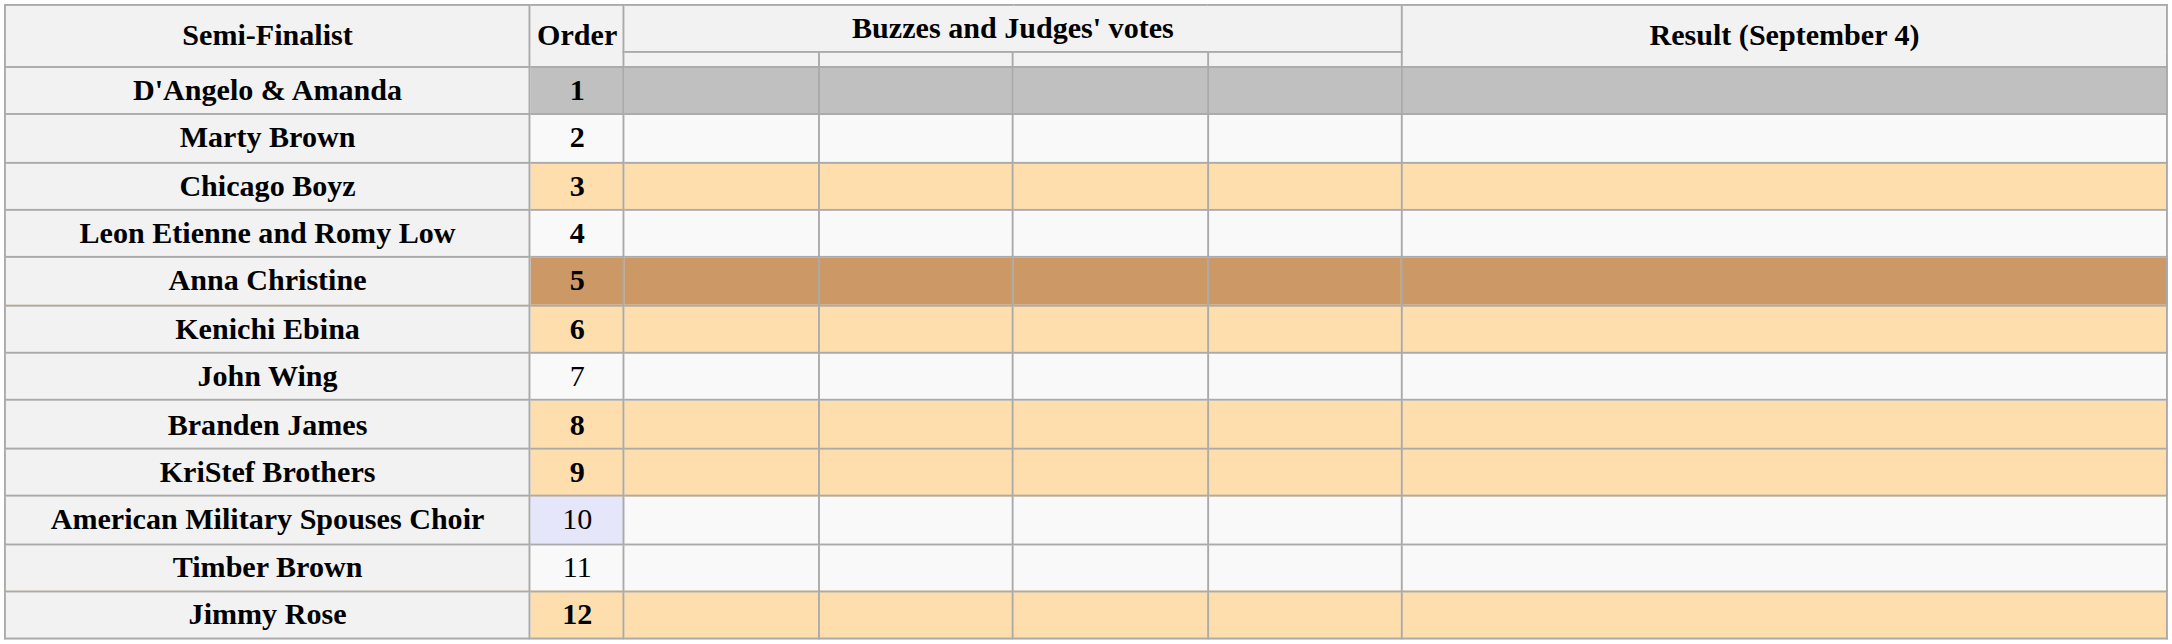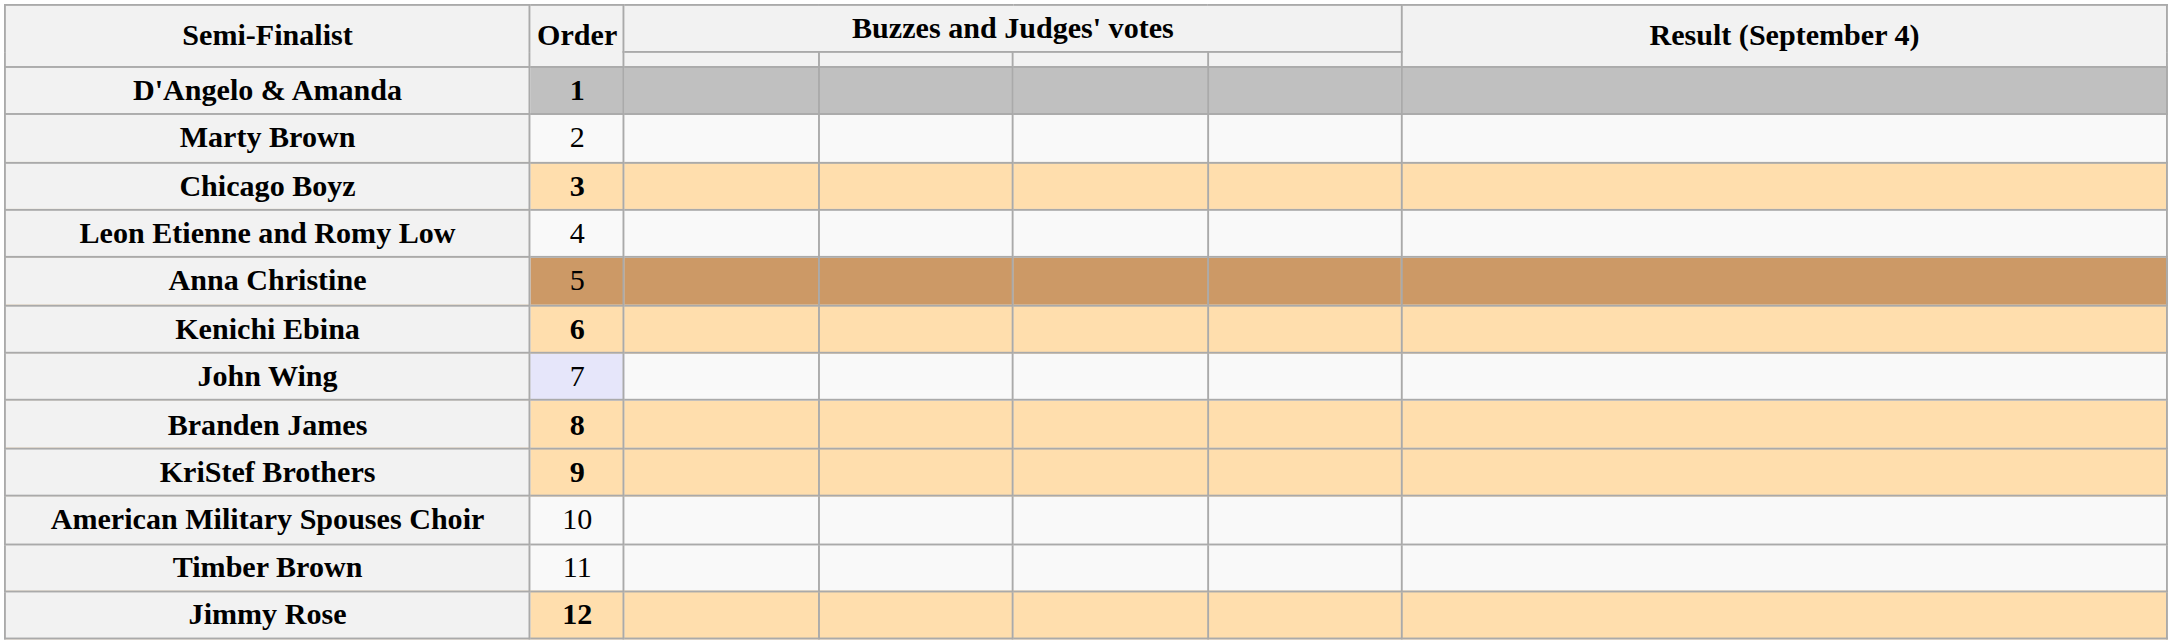 <table class="wikitable plainrowheaders sortable" style="text-align:center;">
 <tr>
 <th scope="col" rowspan="2" class="unsortable" style="width:17em;">Semi-Finalist</th>
 <th scope="col" rowspan="2" style="width:1em;">Order</th>
 <th scope="col" colspan="4" class="unsortable" style="width:24em;">Buzzes and Judges' votes</th>
 <th scope="col" rowspan="2" style="width:25em;">Result (September 4)</th>
 </tr>
 <tr>
 <th scope="col" class="unsortable" style="width:6em;"></th>
 <th scope="col" class="unsortable" style="width:6em;"></th>
 <th scope="col" class="unsortable" style="width:6em;"></th>
 <th scope="col" class="unsortable" style="width:6em;"></th>
 </tr>
 <tr style="background:silver">
 <th scope="row"><strong>D'Angelo & Amanda</strong></th>
 <td><strong>1</strong></td>
 <td style="text-align:center;"></td>
 <td style="text-align:center;"></td>
 <td style="text-align:center;"></td>
 <td style="text-align:center;"></td>
 <td><strong></strong></td>
 </tr>
 <tr>
 <th scope="row">Marty Brown</th>
-<td><strong>2</strong></td>
+<td>2</td>
 <td style="text-align:center;"></td>
 <td style="text-align:center;"></td>
 <td style="text-align:center;"></td>
 <td style="text-align:center;"></td>
 <td></td>
 </tr>
 <tr style="background:NavajoWhite">
 <th scope="row"><strong>Chicago Boyz</strong></th>
 <td><strong>3</strong></td>
 <td style="text-align:center;"></td>
 <td style="text-align:center;"></td>
 <td style="text-align:center;"></td>
 <td style="text-align:center;"></td>
 <td><strong></strong></td>
 </tr>
 <tr>
 <th scope="row">Leon Etienne and Romy Low</th>
-<td><strong>4</strong></td>
+<td>4</td>
 <td style="text-align:center;"></td>
 <td style="text-align:center;"></td>
 <td style="text-align:center;"></td>
 <td style="text-align:center;"></td>
 <td></td>
 </tr>
 <tr style="background:#c96">
 <th scope="row">Anna Christine</th>
-<td><strong>5</strong></td>
+<td>5</td>
 <td style="text-align:center;"></td>
 <td style="text-align:center;"></td>
 <td style="text-align:center;"></td>
 <td style="text-align:center;"></td>
 <td></td>
 </tr>
 <tr style="background:NavajoWhite">
 <th scope="row"><strong>Kenichi Ebina</strong></th>
 <td><strong>6</strong></td>
 <td style="text-align:center;"></td>
 <td style="text-align:center;"></td>
 <td style="text-align:center;"></td>
 <td style="text-align:center;"></td>
 <td><strong></strong></td>
 </tr>
 <tr>
 <th scope="row">John Wing</th>
-<td>7</td>
+<td style="background: lavender;">7</td>
 <td style="text-align:center;"></td>
 <td style="text-align:center;"></td>
 <td style="text-align:center;"></td>
 <td style="text-align:center;"></td>
 <td></td>
 </tr>
 <tr style="background:NavajoWhite">
 <th scope="row"><strong>Branden James</strong></th>
 <td><strong>8</strong></td>
 <td style="text-align:center;"></td>
 <td style="text-align:center;"></td>
 <td style="text-align:center;"></td>
 <td style="text-align:center;"></td>
 <td><strong></strong></td>
 </tr>
 <tr style="background:NavajoWhite">
 <th scope="row"><strong>KriStef Brothers</strong> </th>
 <td><strong>9</strong></td>
 <td style="text-align:center;"></td>
 <td style="text-align:center;"></td>
 <td style="text-align:center;"></td>
 <td style="text-align:center;"></td>
 <td><strong></strong></td>
 </tr>
 <tr>
 <th scope="row">American Military Spouses Choir</th>
-<td style="background: lavender;">10</td>
+<td>10</td>
 <td style="text-align:center;"></td>
 <td style="text-align:center;"></td>
 <td style="text-align:center;"></td>
 <td style="text-align:center;"></td>
 <td></td>
 </tr>
 <tr>
 <th scope="row">Timber Brown</th>
 <td>11</td>
 <td style="text-align:center;"></td>
 <td style="text-align:center;"></td>
 <td style="text-align:center;"></td>
 <td style="text-align:center;"></td>
 <td></td>
 </tr>
 <tr style="background:NavajoWhite">
 <th scope="row"><strong>Jimmy Rose</strong></th>
 <td><strong>12</strong></td>
 <td style="text-align:center;"></td>
 <td style="text-align:center;"></td>
 <td style="text-align:center;"></td>
 <td style="text-align:center;"></td>
 <td><strong></strong></td>
 </tr>
 </table>
